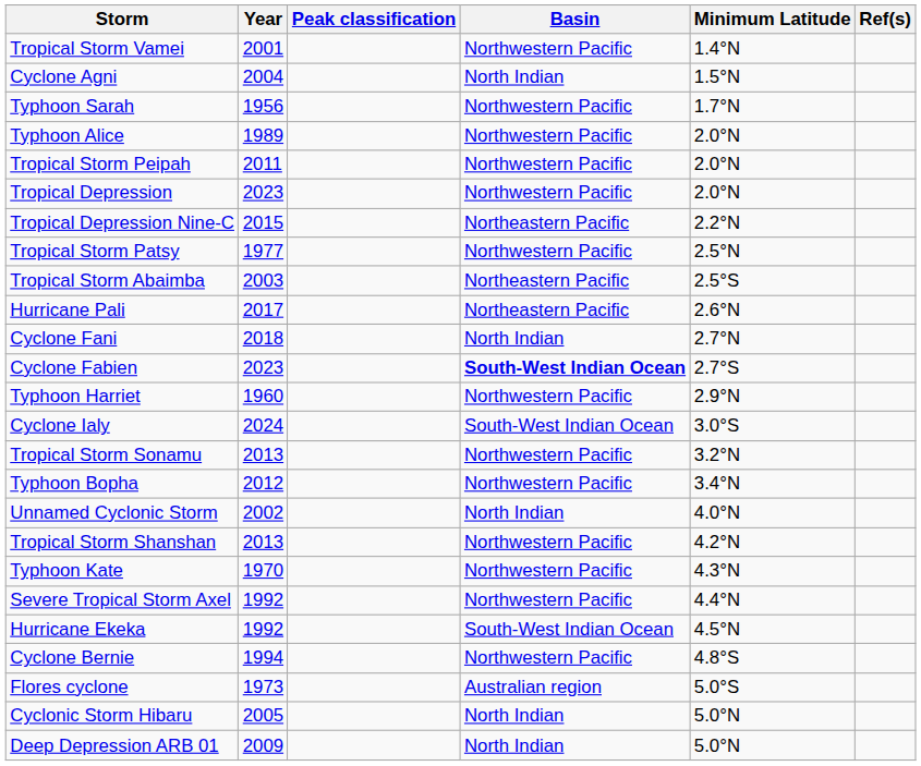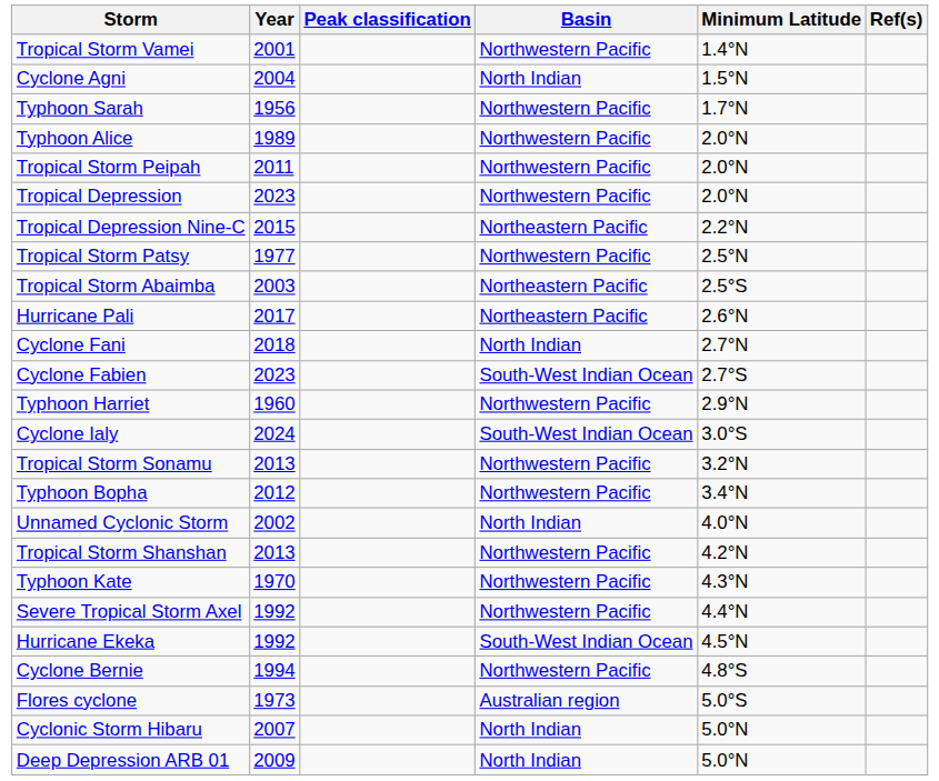 <table class="wikitable sortable" style="margin:auto;">
 <tr>
 <th>Storm</th>
 <th>Year</th>
 <th><a href='#'>Peak classification</a></th>
 <th><a href='#'>Basin</a></th>
 <th>Minimum Latitude</th>
 <th>Ref(s)</th>
 </tr>
 <tr>
 <td><a href='#'>Tropical Storm Vamei</a></td>
 <td><a href='#'>2001</a></td>
 <td></td>
 <td><a href='#'>Northwestern Pacific</a></td>
 <td>1.4°N</td>
 <td></td>
 </tr>
 <tr>
 <td><a href='#'>Cyclone Agni</a></td>
 <td><a href='#'>2004</a></td>
 <td></td>
 <td><a href='#'>North Indian</a></td>
 <td>1.5°N</td>
 <td></td>
 </tr>
 <tr>
 <td><a href='#'>Typhoon Sarah</a></td>
 <td><a href='#'>1956</a></td>
 <td></td>
 <td><a href='#'>Northwestern Pacific</a></td>
 <td>1.7°N</td>
 <td></td>
 </tr>
 <tr>
 <td><a href='#'>Typhoon Alice</a></td>
 <td><a href='#'>1989</a></td>
 <td></td>
 <td><a href='#'>Northwestern Pacific</a></td>
 <td>2.0°N</td>
 <td></td>
 </tr>
 <tr>
 <td><a href='#'>Tropical Storm Peipah</a></td>
 <td><a href='#'>2011</a></td>
 <td></td>
 <td><a href='#'>Northwestern Pacific</a></td>
 <td>2.0°N</td>
 <td></td>
 </tr>
 <tr>
 <td><a href='#'>Tropical Depression</a></td>
 <td><a href='#'>2023</a></td>
 <td></td>
 <td><a href='#'>Northwestern Pacific</a></td>
 <td>2.0°N</td>
 <td></td>
 </tr>
 <tr>
 <td><a href='#'>Tropical Depression Nine-C</a></td>
 <td><a href='#'>2015</a></td>
 <td></td>
 <td><a href='#'>Northeastern Pacific</a></td>
 <td>2.2°N</td>
 <td></td>
 </tr>
 <tr>
 <td><a href='#'>Tropical Storm Patsy</a></td>
 <td><a href='#'>1977</a></td>
 <td></td>
 <td><a href='#'>Northwestern Pacific</a></td>
 <td>2.5°N</td>
 <td></td>
 </tr>
 <tr>
 <td><a href='#'>Tropical Storm Abaimba</a></td>
 <td><a href='#'>2003</a></td>
 <td></td>
 <td><a href='#'>Northeastern Pacific</a></td>
 <td>2.5°S</td>
 <td></td>
 </tr>
 <tr>
 <td><a href='#'>Hurricane Pali</a></td>
 <td><a href='#'>2017</a></td>
 <td></td>
 <td><a href='#'>Northeastern Pacific</a></td>
 <td>2.6°N</td>
 <td></td>
 </tr>
 <tr>
 <td><a href='#'>Cyclone Fani</a></td>
 <td><a href='#'>2018</a></td>
 <td></td>
 <td><a href='#'>North Indian</a></td>
 <td>2.7°N</td>
 <td></td>
 </tr>
 <tr>
 <td><a href='#'>Cyclone Fabien</a></td>
 <td><a href='#'>2023</a></td>
 <td></td>
-<td><strong><a href='#'>South-West Indian Ocean</a></strong></td>
+<td><a href='#'>South-West Indian Ocean</a></td>
 <td>2.7°S</td>
 <td></td>
 </tr>
 <tr>
 <td><a href='#'>Typhoon Harriet</a></td>
 <td><a href='#'>1960</a></td>
 <td></td>
 <td><a href='#'>Northwestern Pacific</a></td>
 <td>2.9°N</td>
 <td></td>
 </tr>
 <tr>
 <td><a href='#'>Cyclone Ialy</a></td>
 <td><a href='#'>2024</a></td>
 <td></td>
 <td><a href='#'>South-West Indian Ocean</a></td>
 <td>3.0°S</td>
 <td></td>
 </tr>
 <tr>
 <td><a href='#'>Tropical Storm Sonamu</a></td>
 <td><a href='#'>2013</a></td>
 <td></td>
 <td><a href='#'>Northwestern Pacific</a></td>
 <td>3.2°N</td>
 <td></td>
 </tr>
 <tr>
 <td><a href='#'>Typhoon Bopha</a></td>
 <td><a href='#'>2012</a></td>
 <td></td>
 <td><a href='#'>Northwestern Pacific</a></td>
 <td>3.4°N</td>
 <td></td>
 </tr>
 <tr>
 <td><a href='#'>Unnamed Cyclonic Storm</a></td>
 <td><a href='#'>2002</a></td>
 <td></td>
 <td><a href='#'>North Indian</a></td>
 <td>4.0°N</td>
 <td></td>
 </tr>
 <tr>
 <td><a href='#'>Tropical Storm Shanshan</a></td>
 <td><a href='#'>2013</a></td>
 <td></td>
 <td><a href='#'>Northwestern Pacific</a></td>
 <td>4.2°N</td>
 <td></td>
 </tr>
 <tr>
 <td><a href='#'>Typhoon Kate</a></td>
 <td><a href='#'>1970</a></td>
 <td></td>
 <td><a href='#'>Northwestern Pacific</a></td>
 <td>4.3°N</td>
 <td></td>
 </tr>
 <tr>
 <td><a href='#'>Severe Tropical Storm Axel</a></td>
 <td><a href='#'>1992</a></td>
 <td></td>
 <td><a href='#'>Northwestern Pacific</a></td>
 <td>4.4°N</td>
 <td></td>
 </tr>
 <tr>
 <td><a href='#'>Hurricane Ekeka</a></td>
 <td><a href='#'>1992</a></td>
 <td></td>
 <td><a href='#'>South-West Indian Ocean</a></td>
 <td>4.5°N</td>
 <td></td>
 </tr>
 <tr>
 <td><a href='#'>Cyclone Bernie</a></td>
 <td><a href='#'>1994</a></td>
 <td></td>
 <td><a href='#'>Northwestern Pacific</a></td>
 <td>4.8°S</td>
 <td></td>
 </tr>
 <tr>
 <td><a href='#'>Flores cyclone</a></td>
 <td><a href='#'>1973</a></td>
 <td></td>
 <td><a href='#'>Australian region</a></td>
 <td>5.0°S</td>
 <td></td>
 </tr>
 <tr>
 <td><a href='#'>Cyclonic Storm Hibaru</a></td>
-<td><a href='#'>2005</a></td>
+<td><a href='#'>2007</a></td>
 <td></td>
 <td><a href='#'>North Indian</a></td>
 <td>5.0°N</td>
 <td></td>
 </tr>
 <tr>
 <td><a href='#'>Deep Depression ARB 01</a></td>
 <td><a href='#'>2009</a></td>
 <td></td>
 <td><a href='#'>North Indian</a></td>
 <td>5.0°N</td>
 <td></td>
 </tr>
 </table>
